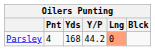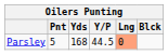 <table class="wikitable">
 <tr>
 <th colspan="6">Oilers Punting</th>
 </tr>
 <tr>
 <th></th>
 <th>Pnt</th>
 <th>Yds</th>
 <th>Y/P</th>
 <th>Lng</th>
 <th>Blck</th>
 </tr>
 <tr>
 <td><a href='#'>Parsley</a></td>
-<td>4</td>
+<td>5</td>
 <td>168</td>
-<td>44.2</td>
+<td>44.5</td>
 <td style="background: lightsalmon;">0</td>
 <td></td>
 </tr>
 </table>
